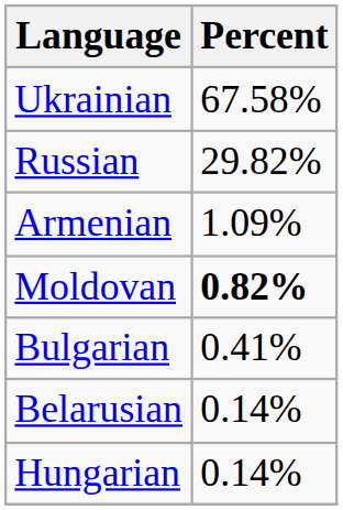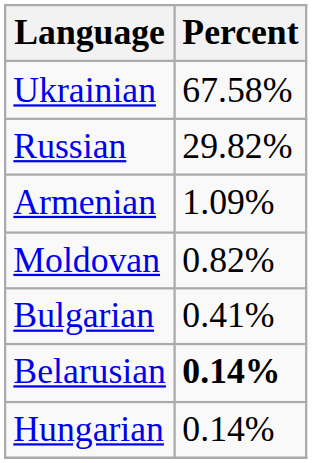 <table class="wikitable">
 <tr>
 <th>Language</th>
 <th>Percent</th>
 </tr>
 <tr>
 <td><a href='#'>Ukrainian</a></td>
 <td>67.58%</td>
 </tr>
 <tr>
 <td><a href='#'>Russian</a></td>
 <td>29.82%</td>
 </tr>
 <tr>
 <td><a href='#'>Armenian</a></td>
 <td>1.09%</td>
 </tr>
 <tr>
 <td><a href='#'>Moldovan</a></td>
-<td><strong>0.82%</strong></td>
+<td>0.82%</td>
 </tr>
 <tr>
 <td><a href='#'>Bulgarian</a></td>
 <td>0.41%</td>
 </tr>
 <tr>
 <td><a href='#'>Belarusian</a></td>
-<td>0.14%</td>
+<td><strong>0.14%</strong></td>
 </tr>
 <tr>
 <td><a href='#'>Hungarian</a></td>
 <td>0.14%</td>
 </tr>
 <tr>
 </tr>
 </table>
